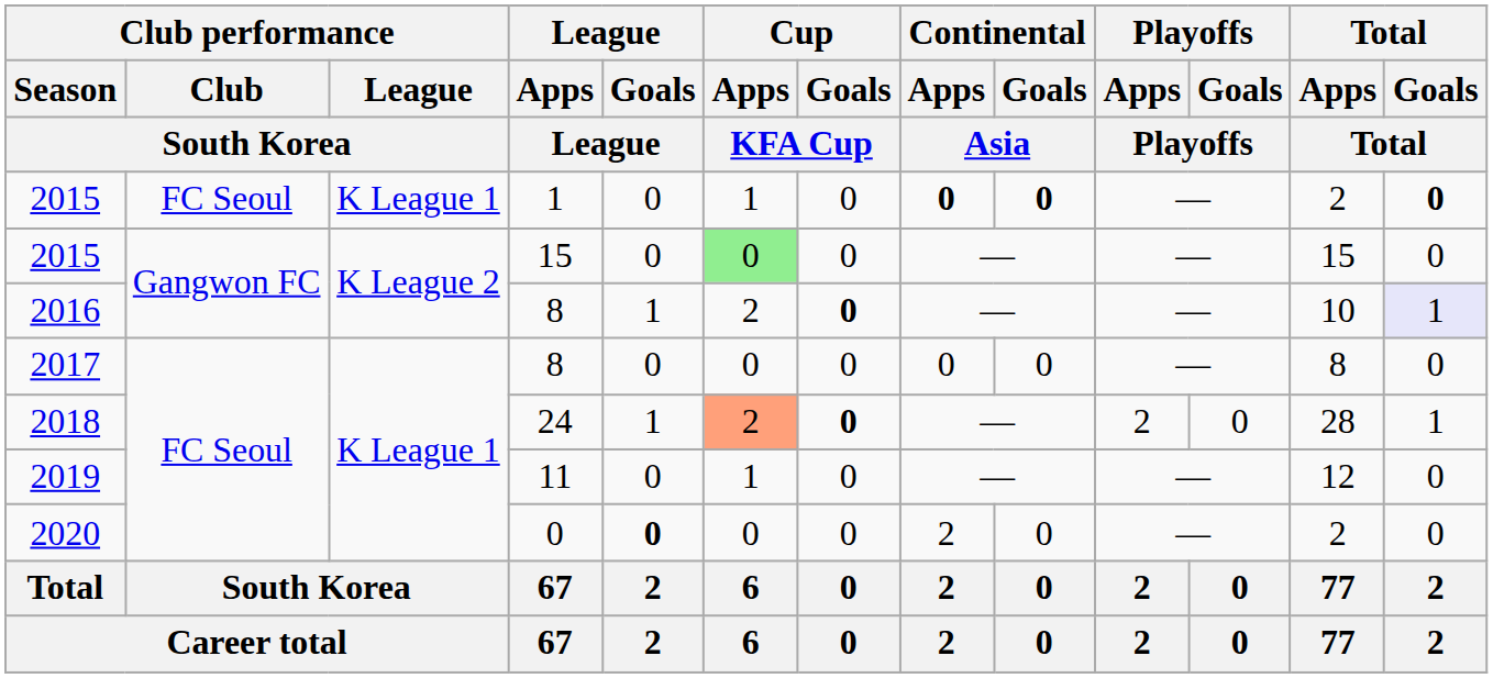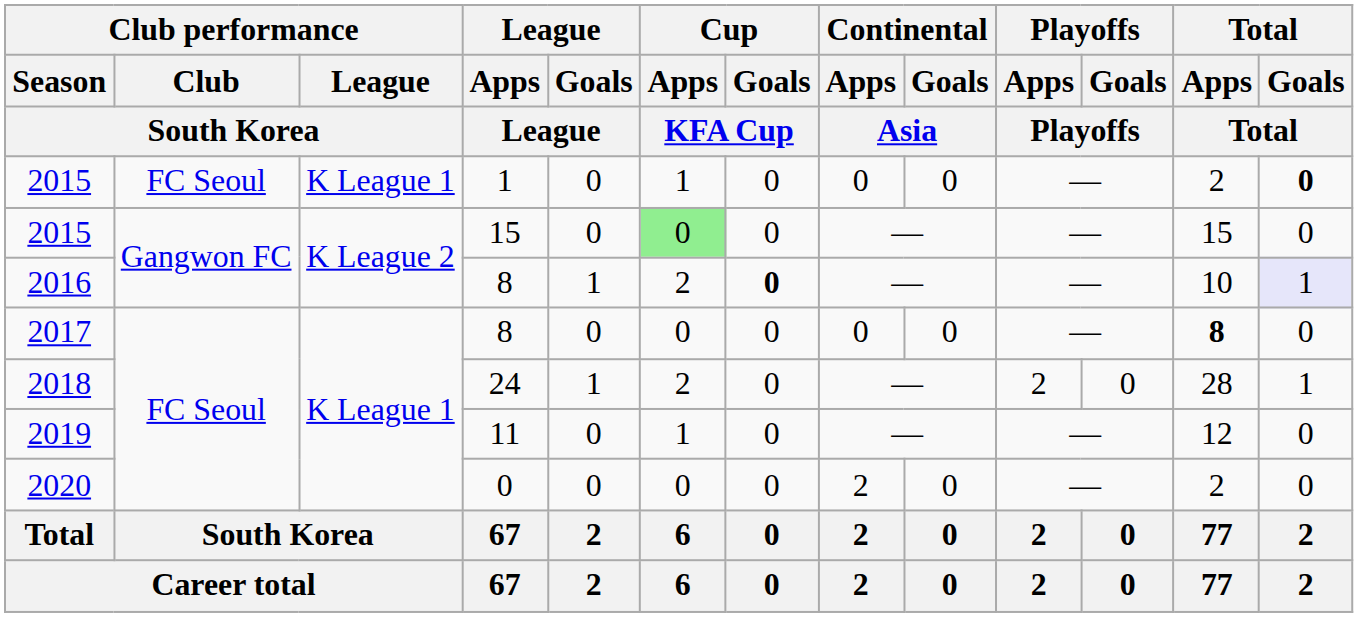 <table class="wikitable" style="text-align:center">
 <tr>
 <th colspan=3>Club performance</th>
 <th colspan=2>League</th>
 <th colspan=2>Cup</th>
 <th colspan=2>Continental</th>
 <th colspan=2>Playoffs</th>
 <th colspan=2>Total</th>
 </tr>
 <tr>
 <th>Season</th>
 <th>Club</th>
 <th>League</th>
 <th>Apps</th>
 <th>Goals</th>
 <th>Apps</th>
 <th>Goals</th>
 <th>Apps</th>
 <th>Goals</th>
 <th>Apps</th>
 <th>Goals</th>
 <th>Apps</th>
 <th>Goals</th>
 </tr>
 <tr>
 <th colspan=3>South Korea</th>
 <th colspan=2>League</th>
 <th colspan=2><a href='#'>KFA Cup</a></th>
 <th colspan=2><a href='#'>Asia</a></th>
 <th colspan=2>Playoffs</th>
 <th colspan=2>Total</th>
 </tr>
 <tr>
 <td><a href='#'>2015</a></td>
 <td><a href='#'>FC Seoul</a></td>
 <td><a href='#'>K League 1</a></td>
 <td>1</td>
 <td>0</td>
 <td>1</td>
 <td>0</td>
-<td><strong>0</strong></td>
-<td><strong>0</strong></td>
+<td>0</td>
+<td>0</td>
 <td colspan=2>—</td>
 <td>2</td>
 <td><strong>0</strong></td>
 </tr>
 <tr>
 <td><a href='#'>2015</a></td>
 <td rowspan=2><a href='#'>Gangwon FC</a></td>
 <td rowspan=2><a href='#'>K League 2</a></td>
 <td>15</td>
 <td>0</td>
 <td style="background: lightgreen;">0</td>
 <td>0</td>
 <td colspan=2>—</td>
 <td colspan=2>—</td>
 <td>15</td>
 <td>0</td>
 </tr>
 <tr>
 <td><a href='#'>2016</a></td>
 <td>8</td>
 <td>1</td>
 <td>2</td>
 <td><strong>0</strong></td>
 <td colspan=2>—</td>
 <td colspan=2>—</td>
 <td>10</td>
 <td style="background: lavender;">1</td>
 </tr>
 <tr>
 <td><a href='#'>2017</a></td>
 <td rowspan=4><a href='#'>FC Seoul</a></td>
 <td rowspan=4><a href='#'>K League 1</a></td>
 <td>8</td>
 <td>0</td>
 <td>0</td>
 <td>0</td>
 <td>0</td>
 <td>0</td>
 <td colspan=2>—</td>
-<td>8</td>
+<td><strong>8</strong></td>
 <td>0</td>
 </tr>
 <tr>
 <td><a href='#'>2018</a></td>
 <td>24</td>
 <td>1</td>
-<td style="background: lightsalmon;">2</td>
-<td><strong>0</strong></td>
+<td>2</td>
+<td>0</td>
 <td colspan=2>—</td>
 <td>2</td>
 <td>0</td>
 <td>28</td>
 <td>1</td>
 </tr>
 <tr>
 <td><a href='#'>2019</a></td>
 <td>11</td>
 <td>0</td>
 <td>1</td>
 <td>0</td>
 <td colspan=2>—</td>
 <td colspan=2>—</td>
 <td>12</td>
 <td>0</td>
 </tr>
 <tr>
 <td><a href='#'>2020</a></td>
 <td>0</td>
-<td><strong>0</strong></td>
+<td>0</td>
 <td>0</td>
 <td>0</td>
 <td>2</td>
 <td>0</td>
 <td colspan=2>—</td>
 <td>2</td>
 <td>0</td>
 </tr>
 <tr>
 <th>Total</th>
 <th colspan=2>South Korea</th>
 <th>67</th>
 <th>2</th>
 <th>6</th>
 <th>0</th>
 <th>2</th>
 <th>0</th>
 <th>2</th>
 <th>0</th>
 <th>77</th>
 <th>2</th>
 </tr>
 <tr>
 <th colspan=3>Career total</th>
 <th>67</th>
 <th>2</th>
 <th>6</th>
 <th>0</th>
 <th>2</th>
 <th>0</th>
 <th>2</th>
 <th>0</th>
 <th>77</th>
 <th>2</th>
 </tr>
 </table>
